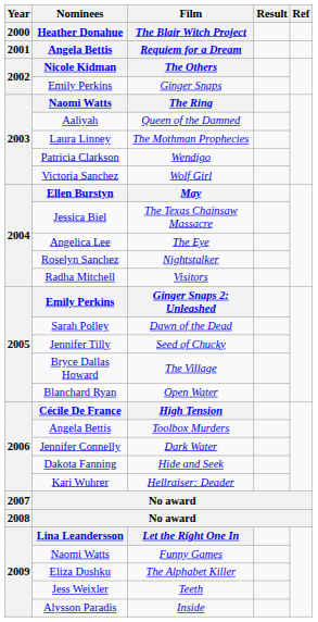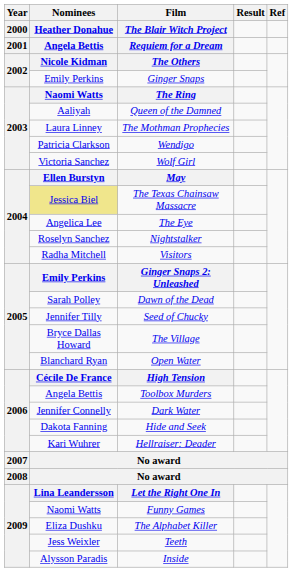 <table class=wikitable style="text-align:center" width="70%">
 <tr>
 <th>Year</th>
 <th>Nominees</th>
 <th>Film</th>
 <th>Result</th>
 <th>Ref</th>
 </tr>
 <tr>
 <th>2000</th>
 <th><a href='#'>Heather Donahue</a></th>
 <th><em><a href='#'>The Blair Witch Project</a></em></th>
 <td></td>
 <td></td>
 </tr>
 <tr>
 <th>2001</th>
 <th><a href='#'>Angela Bettis</a></th>
 <th><em><a href='#'>Requiem for a Dream</a></em></th>
 <td></td>
 <td></td>
 </tr>
 <tr>
 <th rowspan=2>2002</th>
 <th><a href='#'>Nicole Kidman</a></th>
 <th><em><a href='#'>The Others</a></em></th>
 <td></td>
 <td rowspan=2></td>
 </tr>
 <tr>
 <td><a href='#'>Emily Perkins</a></td>
 <td><em><a href='#'>Ginger Snaps</a></em></td>
 <td></td>
 </tr>
 <tr>
 <th rowspan=5>2003</th>
 <th><a href='#'>Naomi Watts</a></th>
 <th><em><a href='#'>The Ring</a></em></th>
 <td></td>
 <td rowspan=5></td>
 </tr>
 <tr>
 <td><a href='#'>Aaliyah</a></td>
 <td><em><a href='#'>Queen of the Damned</a></em></td>
 <td></td>
 </tr>
 <tr>
 <td><a href='#'>Laura Linney</a></td>
 <td><em><a href='#'>The Mothman Prophecies</a></em></td>
 <td></td>
 </tr>
 <tr>
 <td><a href='#'>Patricia Clarkson</a></td>
 <td><em><a href='#'>Wendigo</a></em></td>
 <td></td>
 </tr>
 <tr>
 <td><a href='#'>Victoria Sanchez</a></td>
 <td><em><a href='#'>Wolf Girl</a></em></td>
 <td></td>
 </tr>
 <tr>
 <th rowspan=5>2004</th>
 <th><a href='#'>Ellen Burstyn</a></th>
 <th><em><a href='#'>May</a></em></th>
 <td></td>
 <td rowspan=5></td>
 </tr>
 <tr>
-<td><a href='#'>Jessica Biel</a></td>
+<td style="background: khaki;"><a href='#'>Jessica Biel</a></td>
 <td><em><a href='#'>The Texas Chainsaw Massacre</a></em></td>
 <td></td>
 </tr>
 <tr>
 <td><a href='#'>Angelica Lee</a></td>
 <td><em><a href='#'>The Eye</a></em></td>
 <td></td>
 </tr>
 <tr>
 <td><a href='#'>Roselyn Sanchez</a></td>
 <td><em><a href='#'>Nightstalker</a></em></td>
 <td></td>
 </tr>
 <tr>
 <td><a href='#'>Radha Mitchell</a></td>
 <td><em><a href='#'>Visitors</a></em></td>
 <td></td>
 </tr>
 <tr>
 <th rowspan=5>2005</th>
 <th><a href='#'>Emily Perkins</a></th>
 <th><em><a href='#'>Ginger Snaps 2: Unleashed</a></em></th>
 <td></td>
 <td rowspan=5></td>
 </tr>
 <tr>
 <td><a href='#'>Sarah Polley</a></td>
 <td><em><a href='#'>Dawn of the Dead</a></em></td>
 <td></td>
 </tr>
 <tr>
 <td><a href='#'>Jennifer Tilly</a></td>
 <td><em><a href='#'>Seed of Chucky</a></em></td>
 <td></td>
 </tr>
 <tr>
 <td><a href='#'>Bryce Dallas Howard</a></td>
 <td><em><a href='#'>The Village</a></em></td>
 <td></td>
 </tr>
 <tr>
 <td><a href='#'>Blanchard Ryan</a></td>
 <td><em><a href='#'>Open Water</a></em></td>
 <td></td>
 </tr>
 <tr>
 <th rowspan=5>2006</th>
 <th><a href='#'>Cécile De France</a></th>
 <th><em><a href='#'>High Tension</a></em></th>
 <td></td>
 <td rowspan=5></td>
 </tr>
 <tr>
 <td><a href='#'>Angela Bettis</a></td>
 <td><em><a href='#'>Toolbox Murders</a></em></td>
 <td></td>
 </tr>
 <tr>
 <td><a href='#'>Jennifer Connelly</a></td>
 <td><em><a href='#'>Dark Water</a></em></td>
 <td></td>
 </tr>
 <tr>
 <td><a href='#'>Dakota Fanning</a></td>
 <td><em><a href='#'>Hide and Seek</a></em></td>
 <td></td>
 </tr>
 <tr>
 <td><a href='#'>Kari Wuhrer</a></td>
 <td><em><a href='#'>Hellraiser: Deader</a></em></td>
 <td></td>
 </tr>
 <tr>
 <th>2007</th>
 <th colspan="4">No award</th>
 </tr>
 <tr>
 <th>2008</th>
 <th colspan="4">No award</th>
 </tr>
 <tr>
 <th rowspan=5>2009</th>
 <th><a href='#'>Lina Leandersson</a></th>
 <th><em><a href='#'>Let the Right One In</a></em></th>
 <td></td>
 <td rowspan=5></td>
 </tr>
 <tr>
 <td><a href='#'>Naomi Watts</a></td>
 <td><em><a href='#'>Funny Games</a></em></td>
 <td></td>
 </tr>
 <tr>
 <td><a href='#'>Eliza Dushku</a></td>
 <td><em><a href='#'>The Alphabet Killer</a></em></td>
 <td></td>
 </tr>
 <tr>
 <td><a href='#'>Jess Weixler</a></td>
 <td><em><a href='#'>Teeth</a></em></td>
 <td></td>
 </tr>
 <tr>
 <td><a href='#'>Alysson Paradis</a></td>
 <td><em><a href='#'>Inside</a></em></td>
 <td></td>
 </tr>
 </table>
